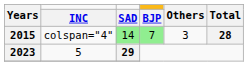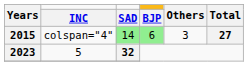 <table class="wikitable" style="text-align:center">
 <tr>
 <th rowspan=2>Years</th>
 <td></td>
 <td></td>
 <td bgcolor=#FBB917></td>
 <th rowspan=2>Others</th>
 <th rowspan=2>Total</th>
 </tr>
 <tr>
 <th><a href='#'>INC</a></th>
 <th><a href='#'>SAD</a></th>
 <th><a href='#'>BJP</a></th>
 </tr>
 <tr>
 <th>2015</th>
 <td>colspan="4" </td>
 <td bgcolor="lightgreen">14</td>
-<td bgcolor="lightgreen">7</td>
+<td bgcolor="lightgreen">6</td>
 <td>3</td>
-<th>28</th>
+<th>27</th>
 </tr>
 <tr>
 <th>2023</th>
 <td>5</td>
-<th>29</th>
+<th>32</th>
 </tr>
 <tr>
 </tr>
 </table>
